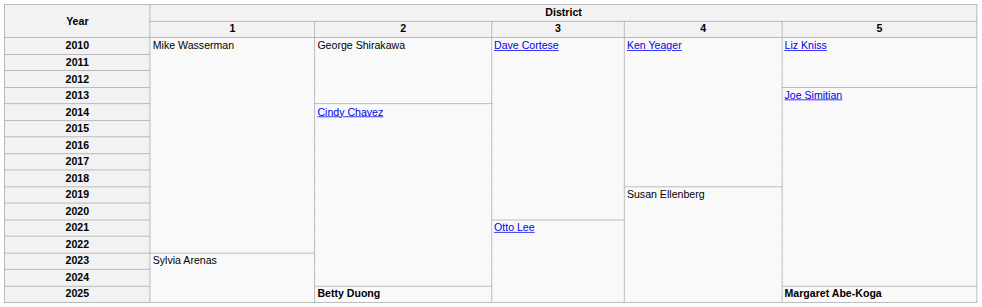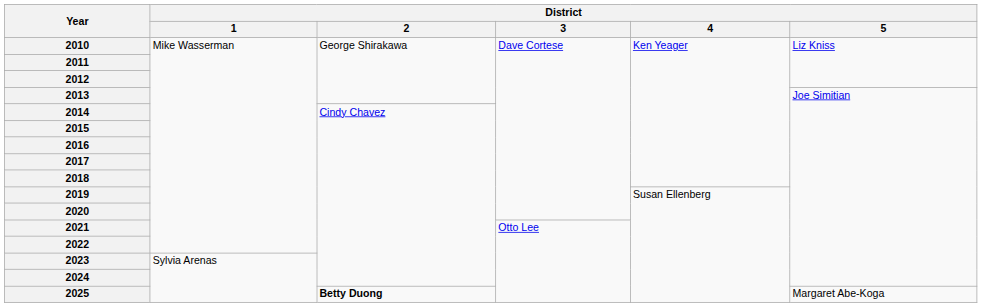 <table class="wikitable" width=100% style="font-size: 86%;">
 <tr>
 <th rowspan="2" width="15%">Year</th>
 <th colspan="11" align="left">District</th>
 </tr>
 <tr>
 <th>1</th>
 <th>2</th>
 <th>3</th>
 <th>4</th>
 <th>5</th>
 </tr>
 <tr valign=top>
 <th>2010</th>
 <td rowspan="13">Mike Wasserman</td>
 <td rowspan="4">George Shirakawa</td>
 <td rowspan="11"><a href='#'>Dave Cortese</a></td>
 <td rowspan="9"><a href='#'>Ken Yeager</a></td>
 <td rowspan="3"><a href='#'>Liz Kniss</a></td>
 </tr>
 <tr valign=top>
 <th>2011</th>
 </tr>
 <tr valign=top>
 <th>2012</th>
 </tr>
 <tr valign=top>
 <th>2013</th>
 <td rowspan="12"><a href='#'>Joe Simitian</a></td>
 </tr>
 <tr valign=top>
 <th>2014</th>
 <td rowspan="11"><a href='#'>Cindy Chavez</a></td>
 </tr>
 <tr valign=top>
 <th>2015</th>
 </tr>
 <tr valign=top>
 <th>2016</th>
 </tr>
 <tr valign=top>
 <th>2017</th>
 </tr>
 <tr valign=top>
 <th>2018</th>
 </tr>
 <tr valign=top>
 <th>2019</th>
 <td rowspan="7">Susan Ellenberg</td>
 </tr>
 <tr valign=top>
 <th>2020</th>
 </tr>
 <tr valign=top>
 <th>2021</th>
 <td rowspan="5"><a href='#'>Otto Lee</a></td>
 </tr>
 <tr valign=top>
 <th>2022</th>
 </tr>
 <tr valign=top>
 <th>2023</th>
 <td rowspan="3">Sylvia Arenas</td>
 </tr>
 <tr valign=top>
 <th>2024</th>
 </tr>
 <tr valign=top>
 <th>2025</th>
 <td rowspan="1"><strong>Betty Duong</strong></td>
-<td rowspan="1"><strong>Margaret Abe-Koga</strong></td>
+<td rowspan="1">Margaret Abe-Koga</td>
 </tr>
 </table>
